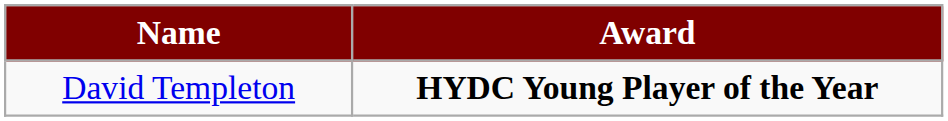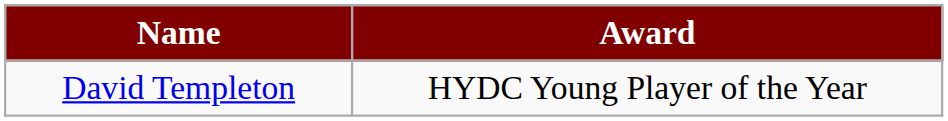 <table class="wikitable" style="font-size: 95%; text-align: center;">
 <tr>
 <th scope="col" style="background:maroon; color:white; width:150px;">Name</th>
 <th scope="col" style="background:maroon; color:white; width:260px;">Award</th>
 </tr>
 <tr>
 <td><a href='#'>David Templeton</a></td>
-<td><strong>HYDC Young Player of the Year</strong></td>
+<td>HYDC Young Player of the Year</td>
 </tr>
 </table>
